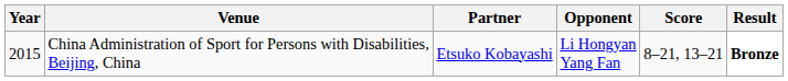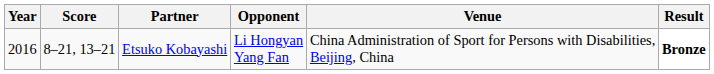 <table class="sortable wikitable" style="font-size: 90%;">
 <tr>
 <th>Year</th>
-<th>Venue</th>
+<th>Score</th>
 <th>Partner</th>
 <th>Opponent</th>
-<th>Score</th>
+<th>Venue</th>
 <th>Result</th>
 </tr>
 <tr style="background:#ECF2F">
-<td align="center">2015</td>
-<td align="left">China Administration of Sport for Persons with Disabilities,<br><a href='#'>Beijing</a>, China</td>
+<td align="center">2016</td>
+<td align="left">8–21, 13–21</td>
 <td align="left"> <a href='#'>Etsuko Kobayashi</a></td>
 <td align="left"> <a href='#'>Li Hongyan</a><br> <a href='#'>Yang Fan</a></td>
-<td align="left">8–21, 13–21</td>
+<td align="left">China Administration of Sport for Persons with Disabilities,<br><a href='#'>Beijing</a>, China</td>
 <td style="text-align:left; background:white"> <strong>Bronze</strong></td>
 </tr>
 </table>
